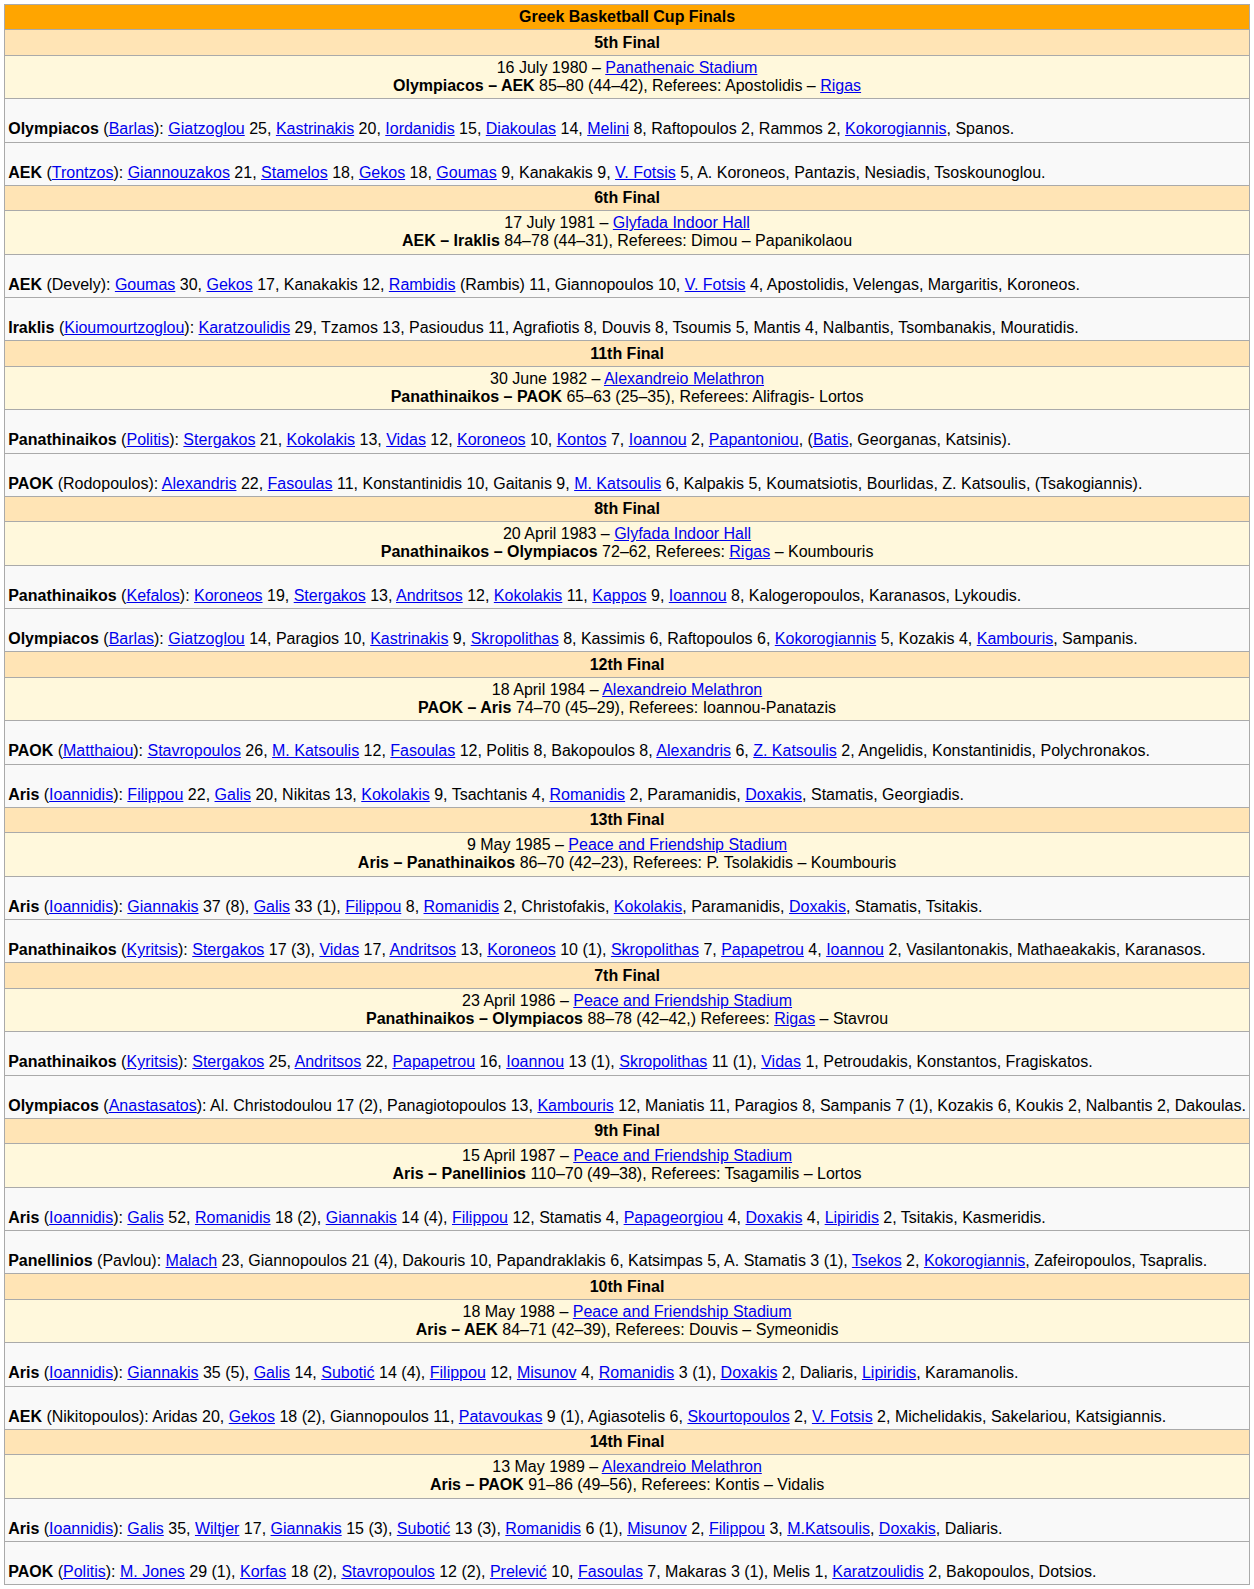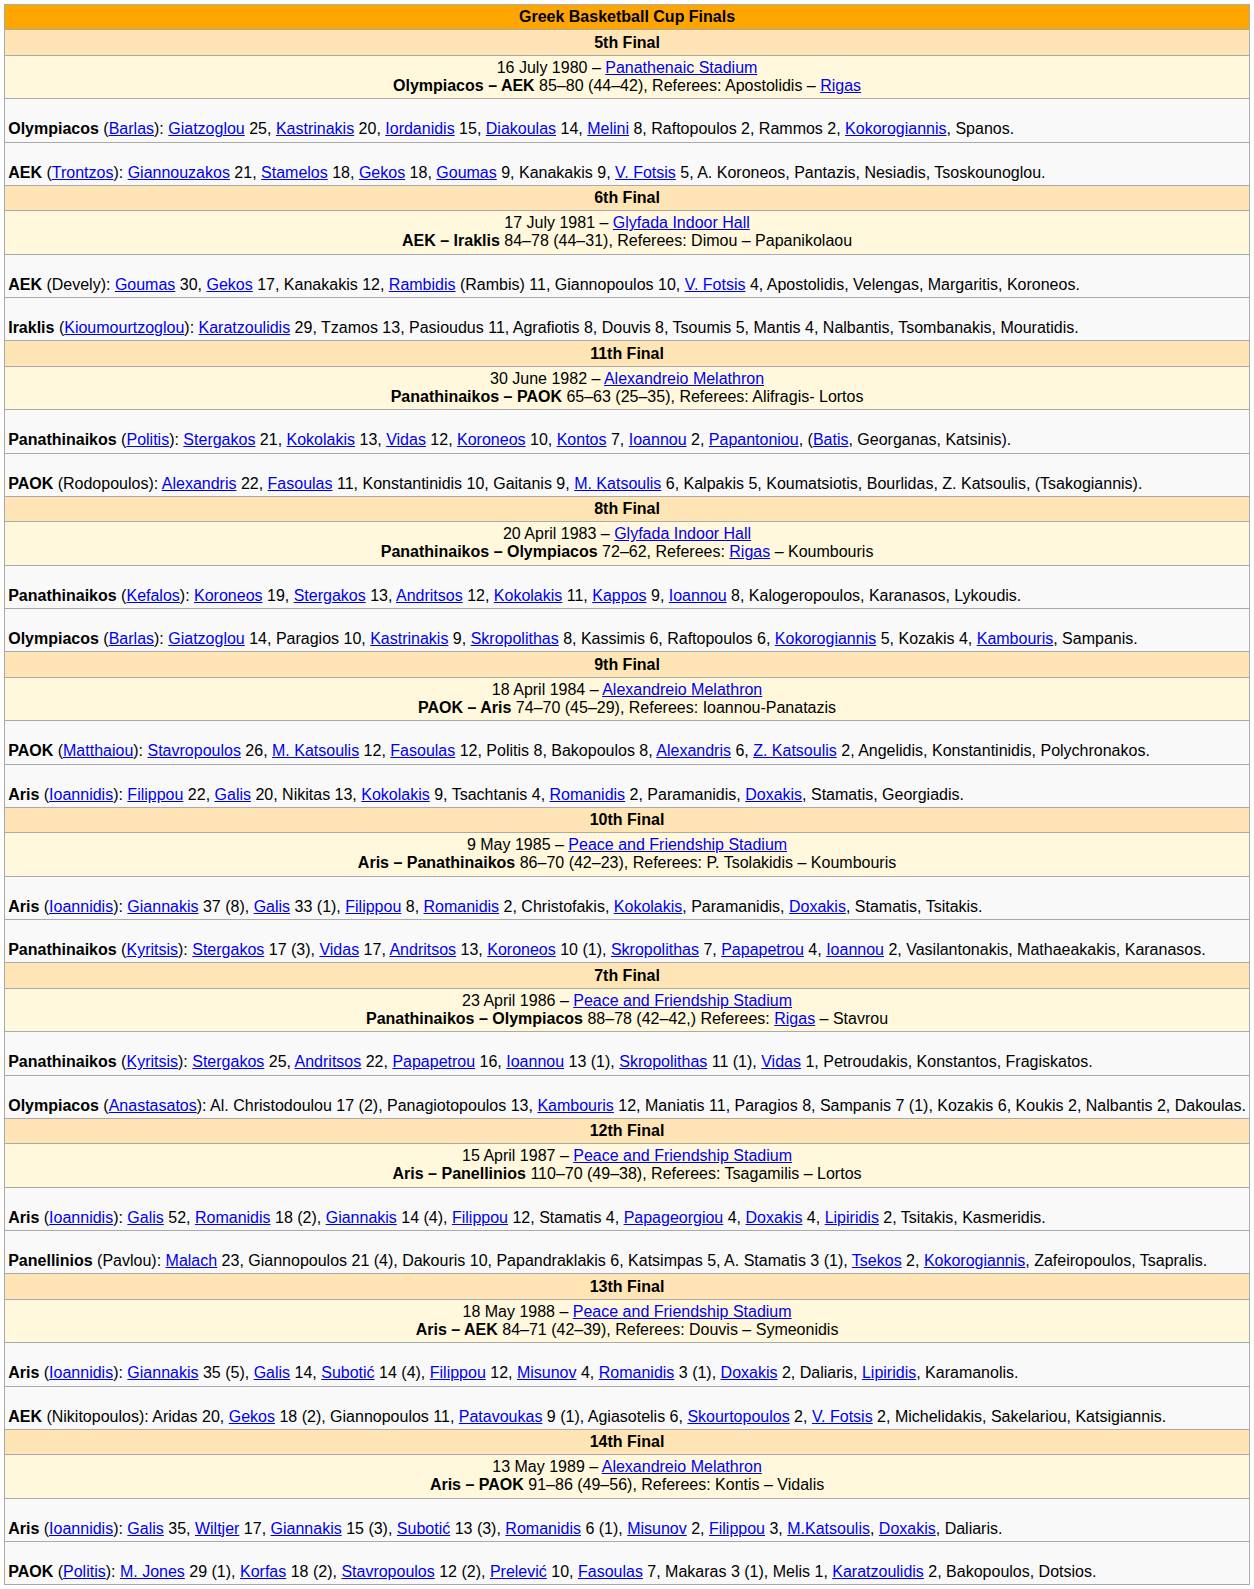 <table class="wikitable">
 <tr>
 <td align="center" bgcolor= #ffa500><strong>Greek Basketball Cup Finals</strong></td>
 </tr>
 <tr>
 <td align="center" bgcolor= #ffe4b5><strong>5th Final</strong></td>
 </tr>
 <tr>
 <td align="center" bgcolor= #fff8dc>16 July 1980 – <a href='#'>Panathenaic Stadium</a><br><strong>Olympiacos – AEK</strong> 85–80 (44–42), Referees: Apostolidis – <a href='#'>Rigas</a></td>
 </tr>
 <tr>
 <td><br><strong>Olympiacos</strong> (<a href='#'>Barlas</a>): <a href='#'>Giatzoglou</a> 25, <a href='#'>Kastrinakis</a> 20, <a href='#'>Iordanidis</a> 15, <a href='#'>Diakoulas</a> 14, <a href='#'>Melini</a> 8, Raftopoulos 2, Rammos 2, <a href='#'>Kokorogiannis</a>, Spanos.</td>
 </tr>
 <tr>
 <td><br><strong>AEK</strong> (<a href='#'>Trontzos</a>): <a href='#'>Giannouzakos</a> 21, <a href='#'>Stamelos</a> 18, <a href='#'>Gekos</a> 18, <a href='#'>Goumas</a> 9, Kanakakis 9, <a href='#'>V. Fotsis</a> 5, A. Koroneos, Pantazis, Nesiadis, Tsoskounoglou.</td>
 </tr>
 <tr>
 <td align="center" bgcolor= #ffe4b5> <strong> 6th Final </strong></td>
 </tr>
 <tr>
 <td align="center" bgcolor= #fff8dc>17 July 1981 – <a href='#'>Glyfada Indoor Hall</a><br><strong>AEK – Iraklis</strong> 84–78 (44–31), Referees: Dimou – Papanikolaou</td>
 </tr>
 <tr>
 <td><br><strong>AEK</strong> (Devely): <a href='#'>Goumas</a> 30, <a href='#'>Gekos</a> 17, Kanakakis 12, <a href='#'>Rambidis</a> (Rambis) 11, Giannopoulos 10, <a href='#'>V. Fotsis</a> 4, Apostolidis, Velengas, Margaritis, Koroneos.</td>
 </tr>
 <tr>
 <td><br><strong>Iraklis</strong> (<a href='#'>Kioumourtzoglou</a>): <a href='#'>Karatzoulidis</a> 29, Tzamos 13, Pasioudus 11, Agrafiotis 8, Douvis 8, Tsoumis 5, Mantis 4, Nalbantis, Tsombanakis, Mouratidis.</td>
 </tr>
 <tr>
 <td align="center" bgcolor= #ffe4b5> <strong> 11th Final </strong></td>
 </tr>
 <tr>
 <td align="center" bgcolor= #fff8dc>30 June 1982 – <a href='#'>Alexandreio Melathron</a><br><strong>Panathinaikos – PAOK</strong> 65–63 (25–35), Referees: Alifragis- Lortos</td>
 </tr>
 <tr>
 <td><br><strong>Panathinaikos</strong> (<a href='#'>Politis</a>): <a href='#'>Stergakos</a> 21, <a href='#'>Kokolakis</a> 13, <a href='#'>Vidas</a> 12, <a href='#'>Koroneos</a> 10, <a href='#'>Kontos</a> 7, <a href='#'>Ioannou</a> 2, <a href='#'>Papantoniou</a>, (<a href='#'>Batis</a>, Georganas, Katsinis).</td>
 </tr>
 <tr>
 <td><br><strong>PAOK</strong> (Rodopoulos): <a href='#'>Alexandris</a> 22, <a href='#'>Fasoulas</a> 11, Konstantinidis 10, Gaitanis 9, <a href='#'>Μ. Katsoulis</a> 6, Kalpakis 5, Koumatsiotis, Bourlidas, Ζ. Katsoulis, (Tsakogiannis).</td>
 </tr>
 <tr>
 <td align="center" bgcolor= #ffe4b5> <strong>8th Final</strong></td>
 </tr>
 <tr>
 <td align="center" bgcolor= #fff8dc>20 April 1983 – <a href='#'>Glyfada Indoor Hall</a><br><strong>Panathinaikos – Olympiacos</strong> 72–62, Referees: <a href='#'>Rigas</a> – Koumbouris</td>
 </tr>
 <tr>
 <td><br><strong>Panathinaikos</strong> (<a href='#'>Kefalos</a>): <a href='#'>Koroneos</a> 19, <a href='#'>Stergakos</a> 13, <a href='#'>Andritsos</a> 12, <a href='#'>Kokolakis</a> 11, <a href='#'>Kappos</a> 9, <a href='#'>Ioannou</a> 8, Kalogeropoulos, Karanasos, Lykoudis.</td>
 </tr>
 <tr>
 <td><br><strong>Olympiacos</strong> (<a href='#'>Barlas</a>): <a href='#'>Giatzoglou</a> 14, Paragios 10, <a href='#'>Kastrinakis</a> 9, <a href='#'>Skropolithas</a> 8, Kassimis 6, Raftopoulos 6, <a href='#'>Kokorogiannis</a> 5, Kozakis 4, <a href='#'>Kambouris</a>, Sampanis.</td>
 </tr>
 <tr>
-<td align="center" bgcolor= #ffe4b5> <strong> 12th Final </strong></td>
+<td align="center" bgcolor= #ffe4b5> <strong> 9th Final </strong></td>
 </tr>
 <tr>
 <td align="center" bgcolor= #fff8dc>18 April 1984 – <a href='#'>Alexandreio Melathron</a><br><strong>PAOK – Aris</strong> 74–70 (45–29), Referees: Ioannou-Panatazis</td>
 </tr>
 <tr>
 <td><br><strong>PAOK</strong> (<a href='#'>Matthaiou</a>): <a href='#'>Stavropoulos</a> 26, <a href='#'>Μ. Katsoulis</a> 12, <a href='#'>Fasoulas</a> 12, Politis 8, Bakopoulos 8, <a href='#'>Alexandris</a> 6, <a href='#'>Z. Katsoulis</a> 2, Angelidis, Konstantinidis, Polychronakos.</td>
 </tr>
 <tr>
 <td><br><strong>Aris</strong> (<a href='#'>Ioannidis</a>): <a href='#'>Filippou</a> 22, <a href='#'>Galis</a> 20, Nikitas 13, <a href='#'>Kokolakis</a> 9, Tsachtanis 4, <a href='#'>Romanidis</a> 2, Paramanidis, <a href='#'>Doxakis</a>, Stamatis, Georgiadis.</td>
 </tr>
 <tr>
-<td align="center" bgcolor= #ffe4b5> <strong>13th Final</strong></td>
+<td align="center" bgcolor= #ffe4b5> <strong> 10th Final </strong></td>
 </tr>
 <tr>
 <td align="center" bgcolor= #fff8dc>9 May 1985 – <a href='#'>Peace and Friendship Stadium</a><br><strong>Aris – Panathinaikos</strong> 86–70 (42–23), Referees: P. Tsolakidis – Koumbouris</td>
 </tr>
 <tr>
 <td><br><strong>Aris</strong> (<a href='#'>Ioannidis</a>): <a href='#'>Giannakis</a> 37 (8), <a href='#'>Galis</a> 33 (1), <a href='#'>Filippou</a> 8, <a href='#'>Romanidis</a> 2, Christofakis, <a href='#'>Kokolakis</a>, Paramanidis, <a href='#'>Doxakis</a>, Stamatis, Tsitakis.</td>
 </tr>
 <tr>
 <td><br><strong>Panathinaikos</strong> (<a href='#'>Kyritsis</a>): <a href='#'>Stergakos</a> 17 (3), <a href='#'>Vidas</a> 17, <a href='#'>Andritsos</a> 13, <a href='#'>Koroneos</a> 10 (1), <a href='#'>Skropolithas</a> 7, <a href='#'>Papapetrou</a> 4, <a href='#'>Ioannou</a> 2, Vasilantonakis, Mathaeakakis, Karanasos.</td>
 </tr>
 <tr>
 <td align="center" bgcolor= #ffe4b5> <strong>7th Final</strong></td>
 </tr>
 <tr>
 <td align="center" bgcolor= #fff8dc>23 April 1986 – <a href='#'>Peace and Friendship Stadium</a><br><strong>Panathinaikos – Olympiacos</strong> 88–78 (42–42,) Referees: <a href='#'>Rigas</a> – Stavrou</td>
 </tr>
 <tr>
 <td><br><strong>Panathinaikos</strong> (<a href='#'>Kyritsis</a>): <a href='#'>Stergakos</a> 25, <a href='#'>Andritsos</a> 22, <a href='#'>Papapetrou</a> 16, <a href='#'>Ioannou</a> 13 (1), <a href='#'>Skropolithas</a> 11 (1), <a href='#'>Vidas</a> 1, Petroudakis, Konstantos, Fragiskatos.</td>
 </tr>
 <tr>
 <td><br><strong>Olympiacos</strong> (<a href='#'>Anastasatos</a>): Al. Christodoulou 17 (2), Panagiotopoulos 13, <a href='#'>Kambouris</a> 12, Maniatis 11, Paragios 8, Sampanis 7 (1), Kozakis 6, Koukis 2, Nalbantis 2, Dakoulas.</td>
 </tr>
 <tr>
-<td align="center" bgcolor= #ffe4b5> <strong> 9th Final </strong></td>
+<td align="center" bgcolor= #ffe4b5> <strong> 12th Final </strong></td>
 </tr>
 <tr>
 <td align="center" bgcolor= #fff8dc>15 April 1987 – <a href='#'>Peace and Friendship Stadium</a><br><strong>Aris – Panellinios</strong> 110–70 (49–38), Referees: Tsagamilis – Lortos</td>
 </tr>
 <tr>
 <td><br><strong>Aris</strong> (<a href='#'>Ioannidis</a>): <a href='#'>Galis</a> 52, <a href='#'>Romanidis</a> 18 (2), <a href='#'>Giannakis</a> 14 (4), <a href='#'>Filippou</a> 12, Stamatis 4, <a href='#'>Papageorgiou</a> 4, <a href='#'>Doxakis</a> 4, <a href='#'>Lipiridis</a> 2, Tsitakis, Kasmeridis.</td>
 </tr>
 <tr>
 <td><br><strong>Panellinios</strong> (Pavlou): <a href='#'>Malach</a> 23, Giannopoulos 21 (4), Dakouris 10, Papandraklakis 6, Katsimpas 5, A. Stamatis 3 (1), <a href='#'>Tsekos</a> 2, <a href='#'>Kokorogiannis</a>, Zafeiropoulos, Tsapralis.</td>
 </tr>
 <tr>
-<td align="center" bgcolor= #ffe4b5> <strong> 10th Final </strong></td>
+<td align="center" bgcolor= #ffe4b5> <strong>13th Final</strong></td>
 </tr>
 <tr>
 <td align="center" bgcolor= #fff8dc>18 May 1988 – <a href='#'>Peace and Friendship Stadium</a><br><strong>Aris – AEK</strong> 84–71 (42–39), Referees: Douvis – Symeonidis</td>
 </tr>
 <tr>
 <td><br><strong>Aris</strong> (<a href='#'>Ioannidis</a>): <a href='#'>Giannakis</a> 35 (5), <a href='#'>Galis</a> 14, <a href='#'>Subotić</a> 14 (4), <a href='#'>Filippou</a> 12, <a href='#'>Misunov</a> 4, <a href='#'>Romanidis</a> 3 (1), <a href='#'>Doxakis</a> 2, Daliaris, <a href='#'>Lipiridis</a>, Karamanolis.</td>
 </tr>
 <tr>
 <td><br><strong>AEK</strong> (Nikitopoulos): Aridas 20, <a href='#'>Gekos</a> 18 (2), Giannopoulos 11, <a href='#'>Patavoukas</a> 9 (1), Agiasotelis 6, <a href='#'>Skourtopoulos</a> 2, <a href='#'>V. Fotsis</a> 2, Michelidakis, Sakelariou, Katsigiannis.</td>
 </tr>
 <tr>
 <td align="center" bgcolor= #ffe4b5> <strong> 14th Final </strong></td>
 </tr>
 <tr>
 <td align="center" bgcolor= #fff8dc>13 May 1989 – <a href='#'>Alexandreio Melathron</a><br><strong>Aris – PAOK</strong> 91–86 (49–56), Referees: Kontis – Vidalis</td>
 </tr>
 <tr>
 <td><br><strong>Aris</strong> (<a href='#'>Ioannidis</a>): <a href='#'>Galis</a> 35, <a href='#'>Wiltjer</a> 17, <a href='#'>Giannakis</a> 15 (3), <a href='#'>Subotić</a> 13 (3), <a href='#'>Romanidis</a> 6 (1), <a href='#'>Misunov</a> 2, <a href='#'>Filippou</a> 3, <a href='#'>Μ.Katsoulis</a>, <a href='#'>Doxakis</a>, Daliaris.</td>
 </tr>
 <tr>
 <td><br><strong>PAOK</strong> (<a href='#'>Politis</a>): <a href='#'>M. Jones</a> 29 (1), <a href='#'>Korfas</a> 18 (2), <a href='#'>Stavropoulos</a> 12 (2), <a href='#'>Prelević</a> 10, <a href='#'>Fasoulas</a> 7, Makaras 3 (1), Melis 1, <a href='#'>Karatzoulidis</a> 2, Bakopoulos, Dotsios.</td>
 </tr>
 </table>
